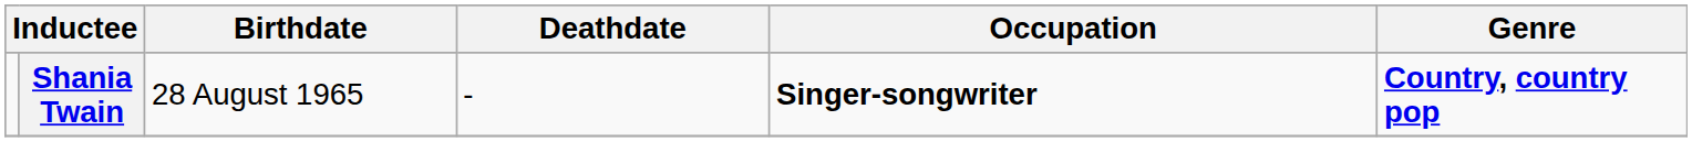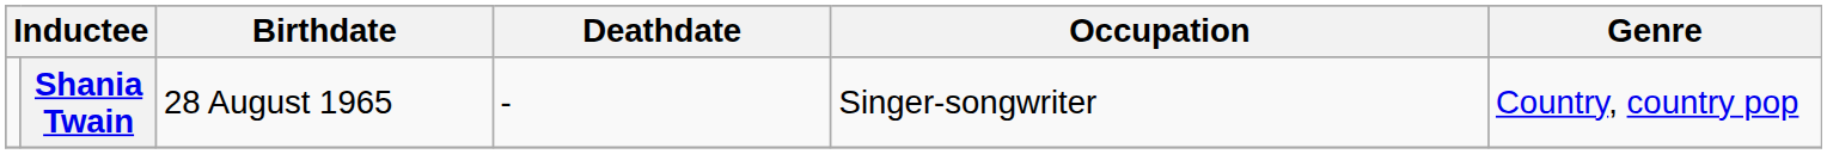 <table class="wikitable" width="100%">
 <tr>
 <th colspan=2>Inductee</th>
 <th width="20%">Birthdate</th>
 <th width="20%">Deathdate</th>
 <th width="40%">Occupation</th>
 <th width="40%">Genre</th>
 </tr>
 <tr>
 <td></td>
 <th><a href='#'>Shania Twain</a></th>
 <td>28 August 1965</td>
 <td>-</td>
-<td><strong>Singer-songwriter</strong></td>
-<td><strong><a href='#'>Country</a>, <a href='#'>country pop</a></strong></td>
+<td>Singer-songwriter</td>
+<td><a href='#'>Country</a>, <a href='#'>country pop</a></td>
 </tr>
 <tr>
 </tr>
 </table>
